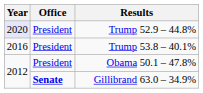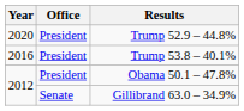 <table class=wikitable>
 <tr>
 <th width="30">Year</th>
 <th width="60">Office</th>
 <th width="180">Results</th>
 </tr>
 <tr>
-<td style="background: lavender;">2020</td>
+<td>2020</td>
 <td><a href='#'>President</a></td>
 <td align="right" ><a href='#'>Trump</a> 52.9 – 44.8%</td>
 </tr>
 <tr>
 <td>2016</td>
 <td><a href='#'>President</a></td>
 <td align="right" ><a href='#'>Trump</a> 53.8 – 40.1%</td>
 </tr>
 <tr>
 <td rowspan="2">2012</td>
 <td><a href='#'>President</a></td>
 <td align="right" ><a href='#'>Obama</a> 50.1 – 47.8%</td>
 </tr>
 <tr>
-<td><strong><a href='#'>Senate</a></strong></td>
+<td><a href='#'>Senate</a></td>
 <td align="right" ><a href='#'>Gillibrand</a> 63.0 – 34.9%</td>
 </tr>
 </table>
